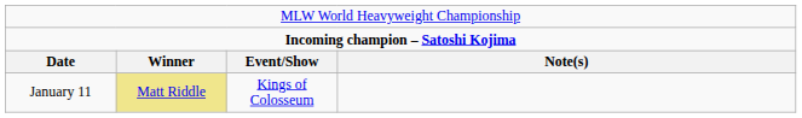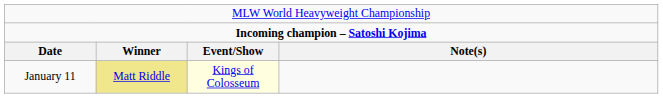 <table class="wikitable" style="text-align:center; width:100%;">
 <tr>
 <td colspan="4" style="text-align: center;"><a href='#'>MLW World Heavyweight Championship</a></td>
 </tr>
 <tr>
 <td colspan="4" style="text-align: center;"><strong>Incoming champion – <a href='#'>Satoshi Kojima</a></strong></td>
 </tr>
 <tr>
 <th width=14%>Date</th>
 <th width=14%>Winner</th>
 <th width=14%>Event/Show</th>
 <th width=58%>Note(s)</th>
 </tr>
 <tr>
 <td>January 11</td>
 <td style="background: khaki;"><a href='#'>Matt Riddle</a></td>
-<td><a href='#'>Kings of Colosseum</a></td>
+<td style="background: lightyellow;"><a href='#'>Kings of Colosseum</a></td>
 <td></td>
 </tr>
 </table>
